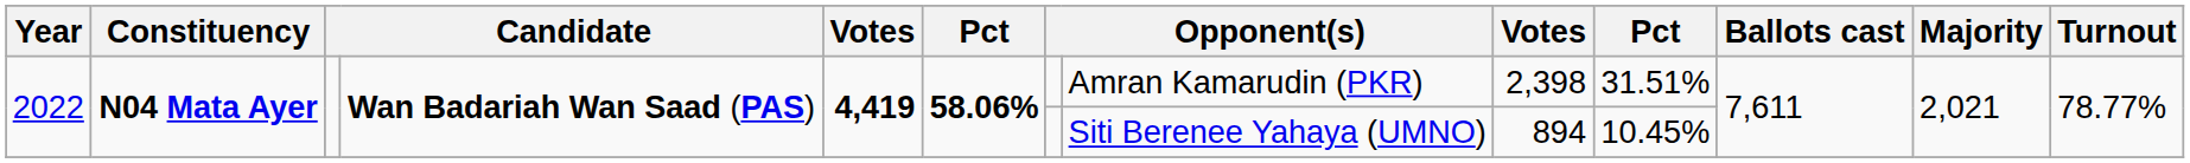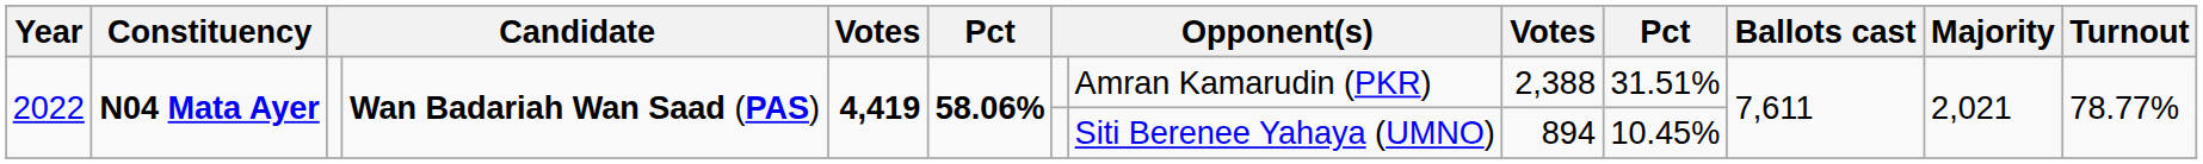 <table class="wikitable" style="margin:0.5em ; font-size:95%">
 <tr>
 <th>Year</th>
 <th>Constituency</th>
 <th colspan="2">Candidate</th>
 <th>Votes</th>
 <th>Pct</th>
 <th colspan="2">Opponent(s)</th>
 <th>Votes</th>
 <th>Pct</th>
 <th>Ballots cast</th>
 <th>Majority</th>
 <th>Turnout</th>
 </tr>
 <tr>
 <td rowspan=2><a href='#'>2022</a></td>
 <td rowspan=2><strong>N04 <a href='#'>Mata Ayer</a></strong></td>
 <td rowspan=2 bgcolor=></td>
 <td rowspan=2><strong>Wan Badariah Wan Saad</strong> (<a href='#'><strong>PAS</strong></a>)</td>
 <td rowspan=2 align="right"><strong>4,419</strong></td>
 <td rowspan=2 align="right"><strong>58.06%</strong></td>
 <td></td>
 <td>Amran Kamarudin (<a href='#'>PKR</a>)</td>
-<td align="right">2,398</td>
+<td align="right">2,388</td>
 <td align="right">31.51%</td>
 <td rowspan=2>7,611</td>
 <td rowspan=2>2,021</td>
 <td rowspan=2>78.77%</td>
 </tr>
 <tr>
 <td></td>
 <td><a href='#'>Siti Berenee Yahaya</a> (<a href='#'>UMNO</a>)</td>
 <td align="right">894</td>
 <td align="right">10.45%</td>
 </tr>
 </table>
